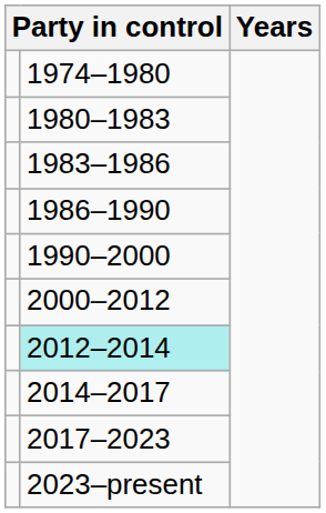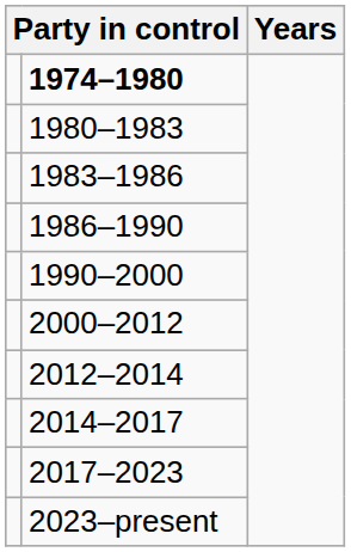 <table class="wikitable">
 <tr>
 <th colspan="2">Party in control</th>
 <th>Years</th>
 </tr>
 <tr>
 <td></td>
-<td>1974–1980</td>
+<td><strong>1974–1980</strong></td>
 </tr>
 <tr>
 <td></td>
 <td>1980–1983</td>
 </tr>
 <tr>
 <td></td>
 <td>1983–1986</td>
 </tr>
 <tr>
 <td></td>
 <td>1986–1990</td>
 </tr>
 <tr>
 <td></td>
 <td>1990–2000</td>
 </tr>
 <tr>
 <td></td>
 <td>2000–2012</td>
 </tr>
 <tr>
 <td></td>
-<td style="background: paleturquoise;">2012–2014</td>
+<td>2012–2014</td>
 </tr>
 <tr>
 <td></td>
 <td>2014–2017</td>
 </tr>
 <tr>
 <td></td>
 <td>2017–2023</td>
 </tr>
 <tr>
 <td></td>
 <td>2023–present</td>
 </tr>
 </table>
